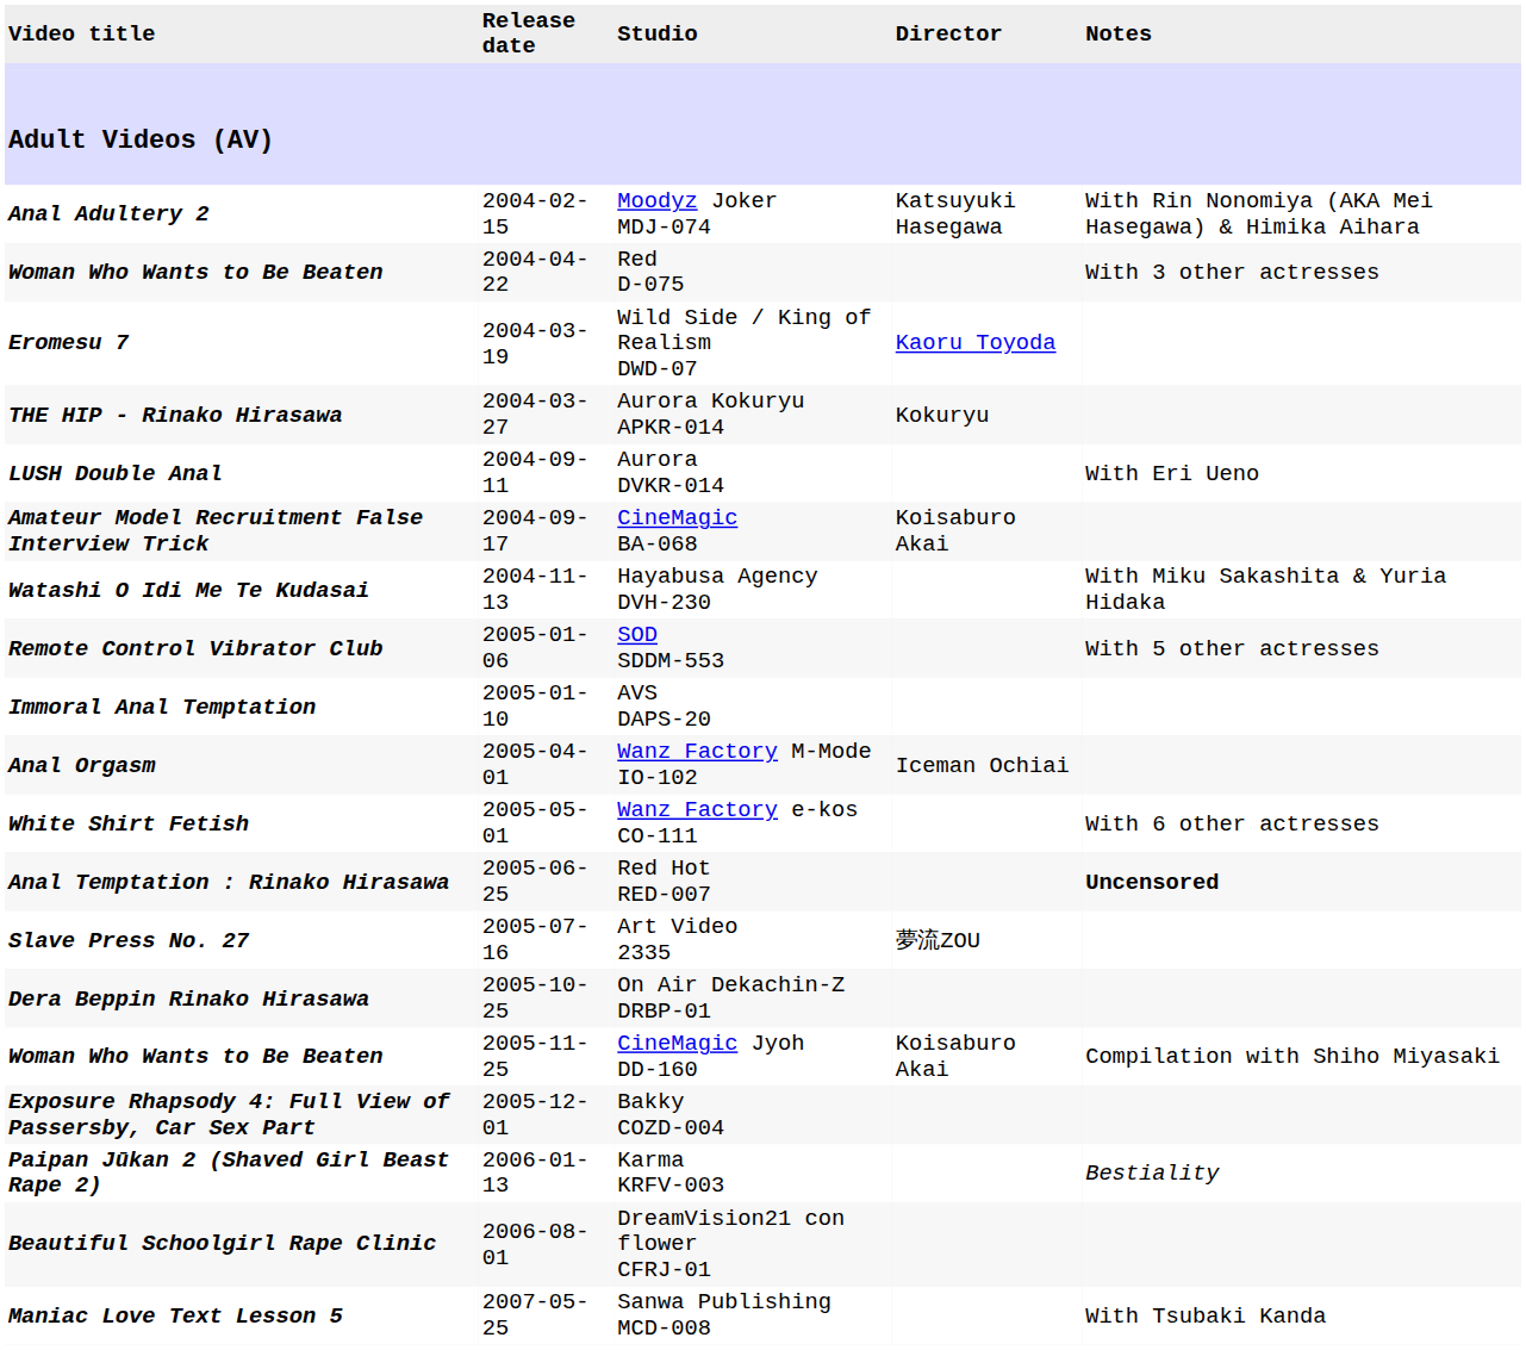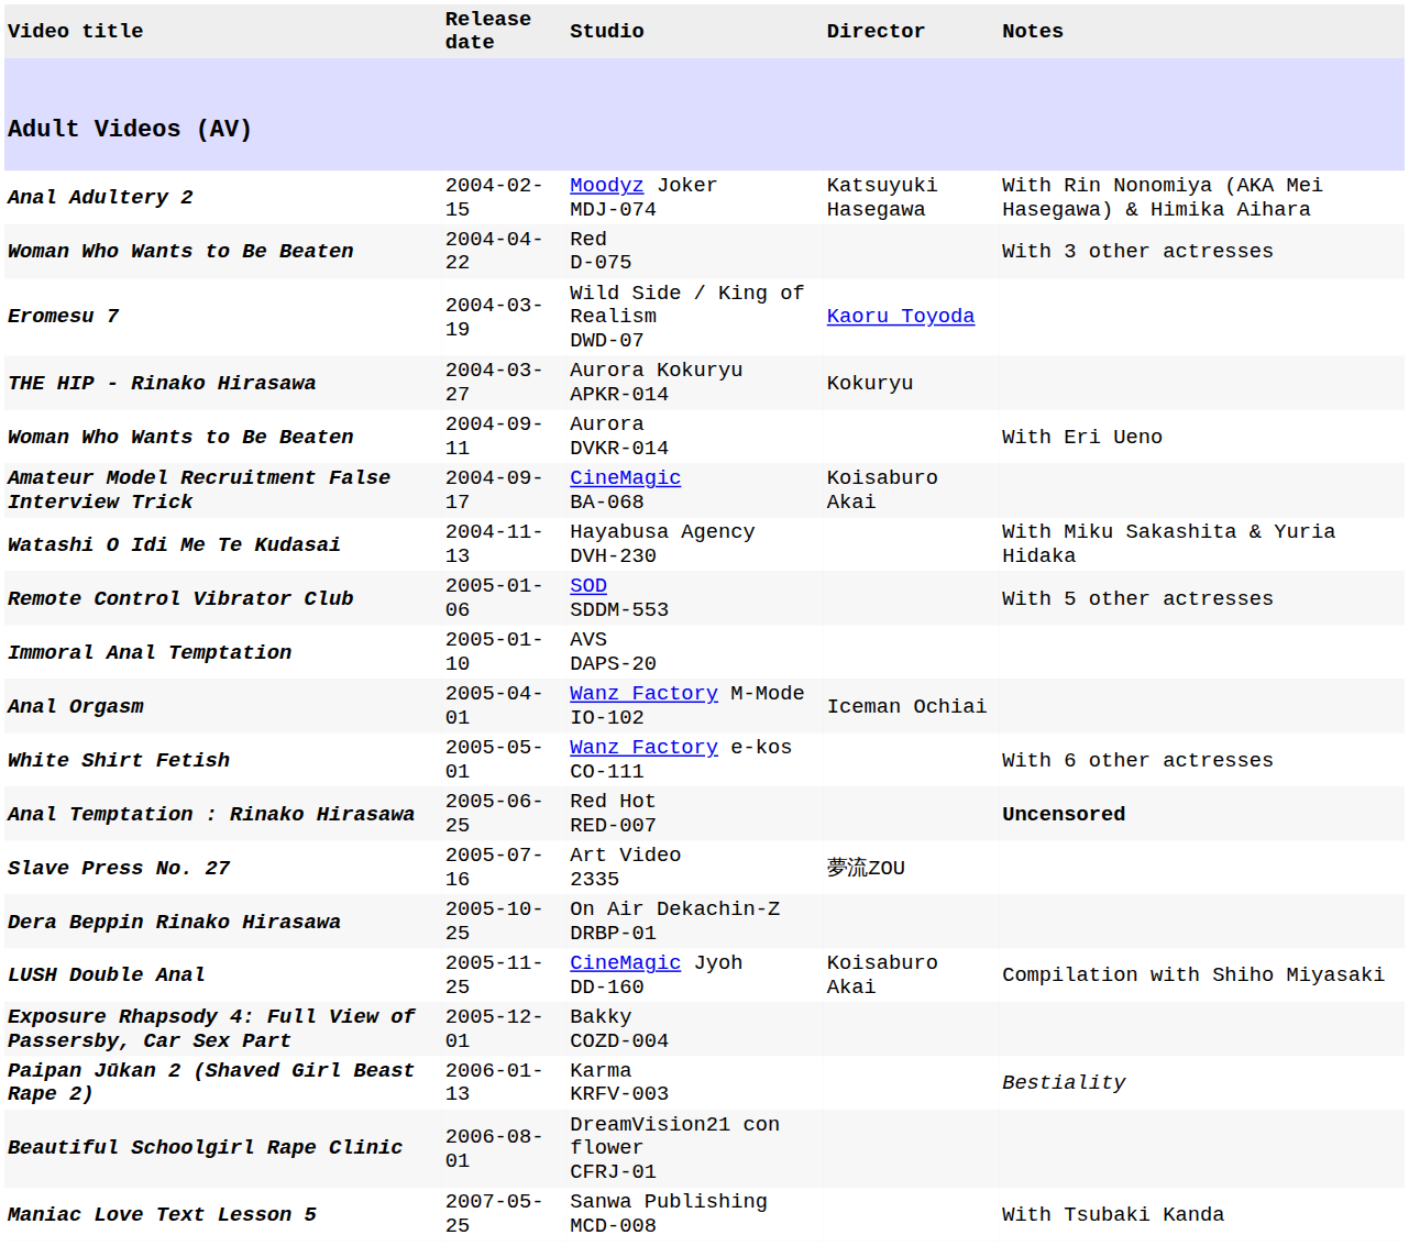 <table cellpadding=2 style="width:100%; text-align:left; border-width:0px; border-collapse:collapse; background:#eee;">
 <tr>
 <th>Video title</th>
 <th>Release date</th>
 <th>Studio</th>
 <th>Director</th>
 <th>Notes</th>
 </tr>
 <tr>
 <td colspan=6 style=background-color:#ddf;></td>
 </tr>
 <tr>
 <td colspan=6 style=background-color:#ddf;><br><h3>Adult Videos (AV)</h3></td>
 </tr>
 <tr style=background:#fff;>
 <td><strong><em>Anal Adultery 2</em></strong><br></td>
 <td>2004-02-15</td>
 <td><a href='#'>Moodyz</a> Joker<br>MDJ-074</td>
 <td>Katsuyuki Hasegawa</td>
 <td>With Rin Nonomiya (AKA Mei Hasegawa) & Himika Aihara</td>
 </tr>
 <tr style=background:#f7f7f7;>
 <td><strong><em>Woman Who Wants to Be Beaten</em></strong><br></td>
 <td>2004-04-22</td>
 <td>Red<br>D-075</td>
 <td></td>
 <td>With 3 other actresses</td>
 </tr>
 <tr style=background:#fff;>
 <td><strong><em>Eromesu 7</em></strong><br></td>
 <td>2004-03-19</td>
 <td>Wild Side / King of Realism<br>DWD-07</td>
 <td><a href='#'>Kaoru Toyoda</a></td>
 <td></td>
 </tr>
 <tr style=background:#f7f7f7;>
 <td><strong><em>THE HIP - Rinako Hirasawa</em></strong><br></td>
 <td>2004-03-27</td>
 <td>Aurora Kokuryu<br>APKR-014</td>
 <td>Kokuryu</td>
 <td></td>
 </tr>
 <tr style=background:#fff;>
-<td><strong><em>LUSH Double Anal</em></strong><br></td>
+<td><strong><em>Woman Who Wants to Be Beaten</em></strong><br></td>
 <td>2004-09-11</td>
 <td>Aurora<br>DVKR-014</td>
 <td></td>
 <td>With Eri Ueno</td>
 </tr>
 <tr style=background:#f7f7f7;>
 <td><strong><em>Amateur Model Recruitment False Interview Trick</em></strong><br></td>
 <td>2004-09-17</td>
 <td><a href='#'>CineMagic</a><br>BA-068</td>
 <td>Koisaburo Akai</td>
 <td></td>
 </tr>
 <tr style=background:#fff;>
 <td><strong><em>Watashi O Idi Me Te Kudasai</em></strong><br></td>
 <td>2004-11-13</td>
 <td>Hayabusa Agency<br>DVH-230</td>
 <td></td>
 <td>With Miku Sakashita & Yuria Hidaka</td>
 </tr>
 <tr style=background:#f7f7f7;>
 <td><strong><em>Remote Control Vibrator Club</em></strong><br></td>
 <td>2005-01-06</td>
 <td><a href='#'>SOD</a><br>SDDM-553</td>
 <td></td>
 <td>With 5 other actresses</td>
 </tr>
 <tr style=background:#fff;>
 <td><strong><em>Immoral Anal Temptation</em></strong><br></td>
 <td>2005-01-10</td>
 <td>AVS<br>DAPS-20</td>
 <td></td>
 <td></td>
 </tr>
 <tr style=background:#f7f7f7;>
 <td><strong><em>Anal Orgasm</em></strong><br></td>
 <td>2005-04-01</td>
 <td><a href='#'>Wanz Factory</a> M-Mode<br>IO-102</td>
 <td>Iceman Ochiai</td>
 <td></td>
 </tr>
 <tr style=background:#fff;>
 <td><strong><em>White Shirt Fetish</em></strong><br></td>
 <td>2005-05-01</td>
 <td><a href='#'>Wanz Factory</a> e-kos<br>CO-111</td>
 <td></td>
 <td>With 6 other actresses</td>
 </tr>
 <tr style=background:#f7f7f7;>
 <td><strong><em>Anal Temptation : Rinako Hirasawa</em></strong></td>
 <td>2005-06-25</td>
 <td>Red Hot<br>RED-007</td>
 <td></td>
 <td><strong>Uncensored</strong></td>
 </tr>
 <tr style=background:#fff;>
 <td><strong><em>Slave Press No. 27</em></strong><br></td>
 <td>2005-07-16</td>
 <td>Art Video<br>2335</td>
 <td>夢流ZOU</td>
 <td></td>
 </tr>
 <tr style=background:#f7f7f7;>
 <td><strong><em>Dera Beppin Rinako Hirasawa</em></strong><br></td>
 <td>2005-10-25</td>
 <td>On Air Dekachin-Z<br>DRBP-01</td>
 <td></td>
 <td></td>
 </tr>
 <tr style=background:#fff;>
-<td><strong><em>Woman Who Wants to Be Beaten</em></strong><br></td>
+<td><strong><em>LUSH Double Anal</em></strong><br></td>
 <td>2005-11-25</td>
 <td><a href='#'>CineMagic</a> Jyoh<br>DD-160</td>
 <td>Koisaburo Akai</td>
 <td>Compilation with Shiho Miyasaki</td>
 </tr>
 <tr style=background:#f7f7f7;>
 <td><strong><em>Exposure Rhapsody 4: Full View of Passersby, Car Sex Part</em></strong><br></td>
 <td>2005-12-01</td>
 <td>Bakky<br>COZD-004</td>
 <td></td>
 <td></td>
 </tr>
 <tr style=background:#fff;>
 <td><strong><em>Paipan Jūkan 2 (Shaved Girl Beast Rape 2)</em></strong><br></td>
 <td>2006-01-13</td>
 <td>Karma<br>KRFV-003</td>
 <td></td>
 <td><em>Bestiality</em></td>
 </tr>
 <tr style=background:#f7f7f7;>
 <td><strong><em>Beautiful Schoolgirl Rape Clinic</em></strong><br></td>
 <td>2006-08-01</td>
 <td>DreamVision21 con flower<br>CFRJ-01</td>
 <td></td>
 <td></td>
 </tr>
 <tr style=background:#fff;>
 <td><strong><em>Maniac Love Text Lesson 5</em></strong><br></td>
 <td>2007-05-25</td>
 <td>Sanwa Publishing<br>MCD-008</td>
 <td></td>
 <td>With Tsubaki Kanda</td>
 </tr>
 </table>
